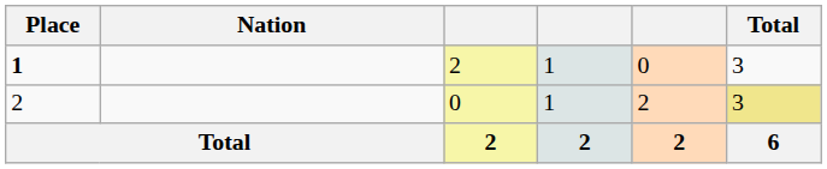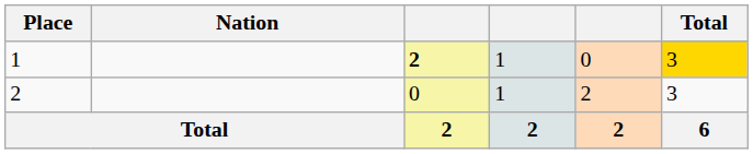 <table class=wikitable style="border:1px solid #AAAAAA;font-size:90%">
 <tr bgcolor="#EFEFEF">
 <th width=50>Place</th>
 <th width=200>Nation</th>
 <th width=50></th>
 <th width=50></th>
 <th width=50></th>
 <th width=50>Total</th>
 </tr>
 <tr>
-<td><strong>1</strong></td>
+<td>1</td>
 <td align="left"><strong></strong></td>
-<td style="background:#F7F6A8;">2</td>
+<td style="background:#F7F6A8;"><strong>2</strong></td>
 <td style="background:#DCE5E5;">1</td>
 <td style="background:#FFDAB9;">0</td>
-<td>3</td>
+<td style="background: gold;">3</td>
 </tr>
 <tr>
 <td>2</td>
 <td align="left"></td>
 <td style="background:#F7F6A8;">0</td>
 <td style="background:#DCE5E5;">1</td>
 <td style="background:#FFDAB9;">2</td>
-<td style="background: khaki;">3</td>
+<td>3</td>
 </tr>
 <tr>
 <th colspan="2">Total</th>
 <th style="background:#F7F6A8;">2</th>
 <th style="background:#DCE5E5;">2</th>
 <th style="background:#FFDAB9;">2</th>
 <th>6</th>
 </tr>
 </table>
